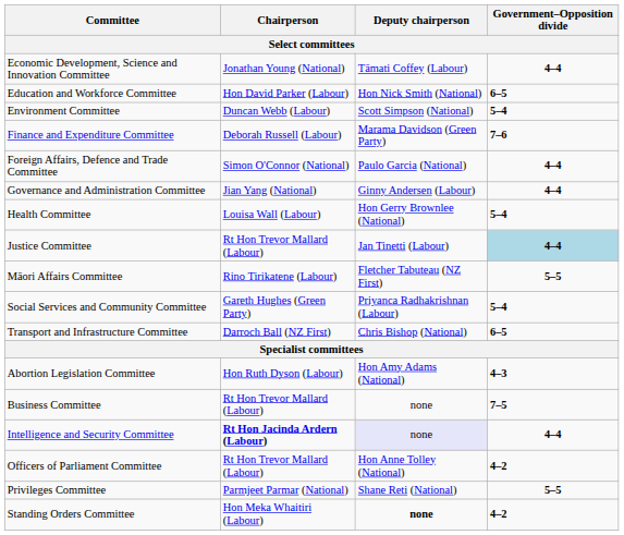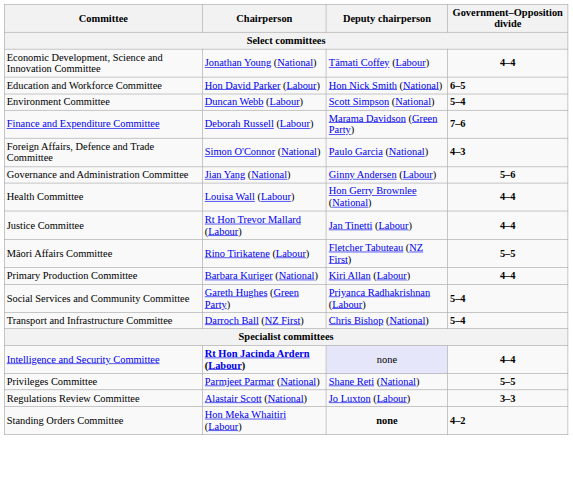 <table class="wikitable">
 <tr>
 <th>Committee</th>
 <th>Chairperson</th>
 <th>Deputy chairperson</th>
 <th>Government–Opposition divide</th>
 </tr>
 <tr>
 <th colspan="4">Select committees</th>
 </tr>
 <tr>
 <td>Economic Development, Science and Innovation Committee</td>
 <td style="background:"><a href='#'>Jonathan Young</a> (<a href='#'>National</a>)</td>
 <td style="background:"><a href='#'>Tāmati Coffey</a> (<a href='#'>Labour</a>)</td>
 <td style="text-align:center;"><strong>4–4</strong></td>
 </tr>
 <tr>
 <td>Education and Workforce Committee</td>
 <td style="background:"><a href='#'>Hon David Parker</a> (<a href='#'>Labour</a>)</td>
 <td style="background:"><a href='#'>Hon Nick Smith</a> (<a href='#'>National</a>)</td>
 <td style="background:"><strong>6–5</strong></td>
 </tr>
 <tr>
 <td>Environment Committee</td>
 <td style="background:"><a href='#'>Duncan Webb</a> (<a href='#'>Labour</a>)</td>
 <td style="background:"><a href='#'>Scott Simpson</a> (<a href='#'>National</a>)</td>
 <td style="background:"><strong>5–4</strong></td>
 </tr>
 <tr>
 <td><a href='#'>Finance and Expenditure Committee</a></td>
 <td style="background:"><a href='#'>Deborah Russell</a> (<a href='#'>Labour</a>)</td>
 <td style="background:"><a href='#'>Marama Davidson</a> (<a href='#'>Green Party</a>)</td>
 <td style="background:"><strong>7–6</strong></td>
 </tr>
 <tr>
 <td>Foreign Affairs, Defence and Trade Committee</td>
 <td style="background:"><a href='#'>Simon O'Connor</a> (<a href='#'>National</a>)</td>
 <td style="background:"><a href='#'>Paulo Garcia</a> (<a href='#'>National</a>)</td>
-<td style="text-align:center;"><strong>4–4</strong></td>
+<td style="background:"><strong>4–3</strong></td>
 </tr>
 <tr>
 <td>Governance and Administration Committee</td>
 <td style="background:"><a href='#'>Jian Yang</a> (<a href='#'>National</a>)</td>
 <td style="background:"><a href='#'>Ginny Andersen</a> (<a href='#'>Labour</a>)</td>
-<td style="text-align:center;"><strong>4–4</strong></td>
+<td style="text-align:center;"><strong>5–6</strong></td>
 </tr>
 <tr>
 <td>Health Committee</td>
 <td style="background:"><a href='#'>Louisa Wall</a> (<a href='#'>Labour</a>)</td>
 <td style="background:"><a href='#'>Hon Gerry Brownlee</a> (<a href='#'>National</a>)</td>
-<td style="background:"><strong>5–4</strong></td>
+<td style="text-align:center;"><strong>4–4</strong></td>
 </tr>
 <tr>
 <td>Justice Committee</td>
 <td style="background:"><a href='#'>Rt Hon Trevor Mallard</a> (<a href='#'>Labour</a>)</td>
 <td style="background:"><a href='#'>Jan Tinetti</a> (<a href='#'>Labour</a>)</td>
-<td style="background: lightblue; text-align:center;"><strong>4–4</strong></td>
+<td style="text-align:center;"><strong>4–4</strong></td>
 </tr>
 <tr>
 <td>Māori Affairs Committee</td>
 <td style="background:"><a href='#'>Rino Tirikatene</a> (<a href='#'>Labour</a>)</td>
 <td style="background:"><a href='#'>Fletcher Tabuteau</a> (<a href='#'>NZ First</a>)</td>
 <td style="text-align:center;"><strong>5–5</strong></td>
+</tr>
+<tr>
+<td>Primary Production Committee</td>
+<td style="background:"><a href='#'>Barbara Kuriger</a> (<a href='#'>National</a>)</td>
+<td style="background:"><a href='#'>Kiri Allan</a> (<a href='#'>Labour</a>)</td>
+<td style="text-align:center;"><strong>4–4</strong></td>
 </tr>
 <tr>
 <td>Social Services and Community Committee</td>
 <td style="background:"><a href='#'>Gareth Hughes</a> (<a href='#'>Green Party</a>)</td>
 <td style="background:"><a href='#'>Priyanca Radhakrishnan</a> (<a href='#'>Labour</a>)</td>
 <td style="background:"><strong>5–4</strong></td>
 </tr>
 <tr>
 <td>Transport and Infrastructure Committee</td>
 <td style="background:"><a href='#'>Darroch Ball</a> (<a href='#'>NZ First</a>)</td>
 <td style="background:"><a href='#'>Chris Bishop</a> (<a href='#'>National</a>)</td>
-<td style="background:"><strong>6–5</strong></td>
+<td style="background:"><strong>5–4</strong></td>
 </tr>
 <tr>
 <th colspan="4">Specialist committees</th>
-</tr>
-<tr>
-<td>Abortion Legislation Committee</td>
-<td style="background:"><a href='#'>Hon Ruth Dyson</a> (<a href='#'>Labour</a>)</td>
-<td style="background:"><a href='#'>Hon Amy Adams</a> (<a href='#'>National</a>)</td>
-<td style="background:"><strong>4–3</strong></td>
-</tr>
-<tr>
-<td>Business Committee</td>
-<td style="background:"><a href='#'>Rt Hon Trevor Mallard</a> (<a href='#'>Labour</a>)</td>
-<td style="text-align:center;">none</td>
-<td style="background:"><strong>7–5</strong></td>
 </tr>
 <tr>
 <td><a href='#'>Intelligence and Security Committee</a></td>
 <td style="background:"><strong><a href='#'>Rt Hon Jacinda Ardern</a> (<a href='#'>Labour</a>)</strong></td>
 <td style="background: lavender; text-align:center;">none</td>
 <td style="text-align:center;"><strong>4–4</strong></td>
 </tr>
 <tr>
-<td>Officers of Parliament Committee</td>
-<td style="background:"><a href='#'>Rt Hon Trevor Mallard</a> (<a href='#'>Labour</a>)</td>
-<td style="background:"><a href='#'>Hon Anne Tolley</a> (<a href='#'>National</a>)</td>
-<td style="background:"><strong>4–2</strong></td>
-</tr>
-<tr>
 <td>Privileges Committee</td>
 <td style="background:"><a href='#'>Parmjeet Parmar</a> (<a href='#'>National</a>)</td>
 <td style="background:"><a href='#'>Shane Reti</a> (<a href='#'>National</a>)</td>
 <td style="text-align:center;"><strong>5–5</strong></td>
+</tr>
+<tr>
+<td>Regulations Review Committee</td>
+<td style="background:"><a href='#'>Alastair Scott</a> (<a href='#'>National</a>)</td>
+<td style="background:"><a href='#'>Jo Luxton</a> (<a href='#'>Labour</a>)</td>
+<td style="text-align:center;"><strong>3–3</strong></td>
 </tr>
 <tr>
 <td>Standing Orders Committee</td>
 <td style="background:"><a href='#'>Hon Meka Whaitiri</a> (<a href='#'>Labour</a>)</td>
 <td style="text-align:center;"><strong>none</strong></td>
 <td style="background:"><strong>4–2</strong></td>
 </tr>
 </table>
